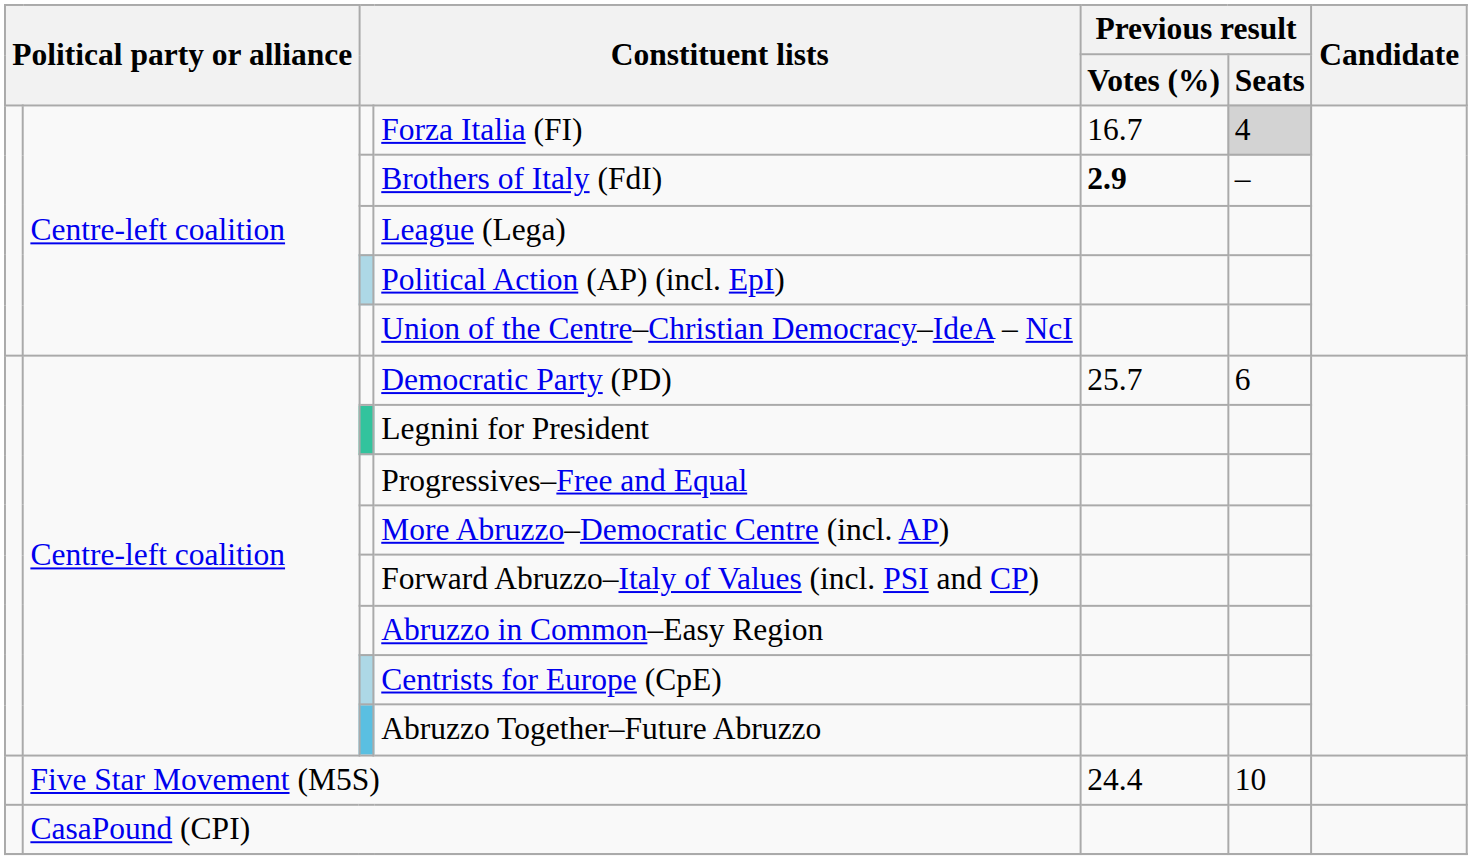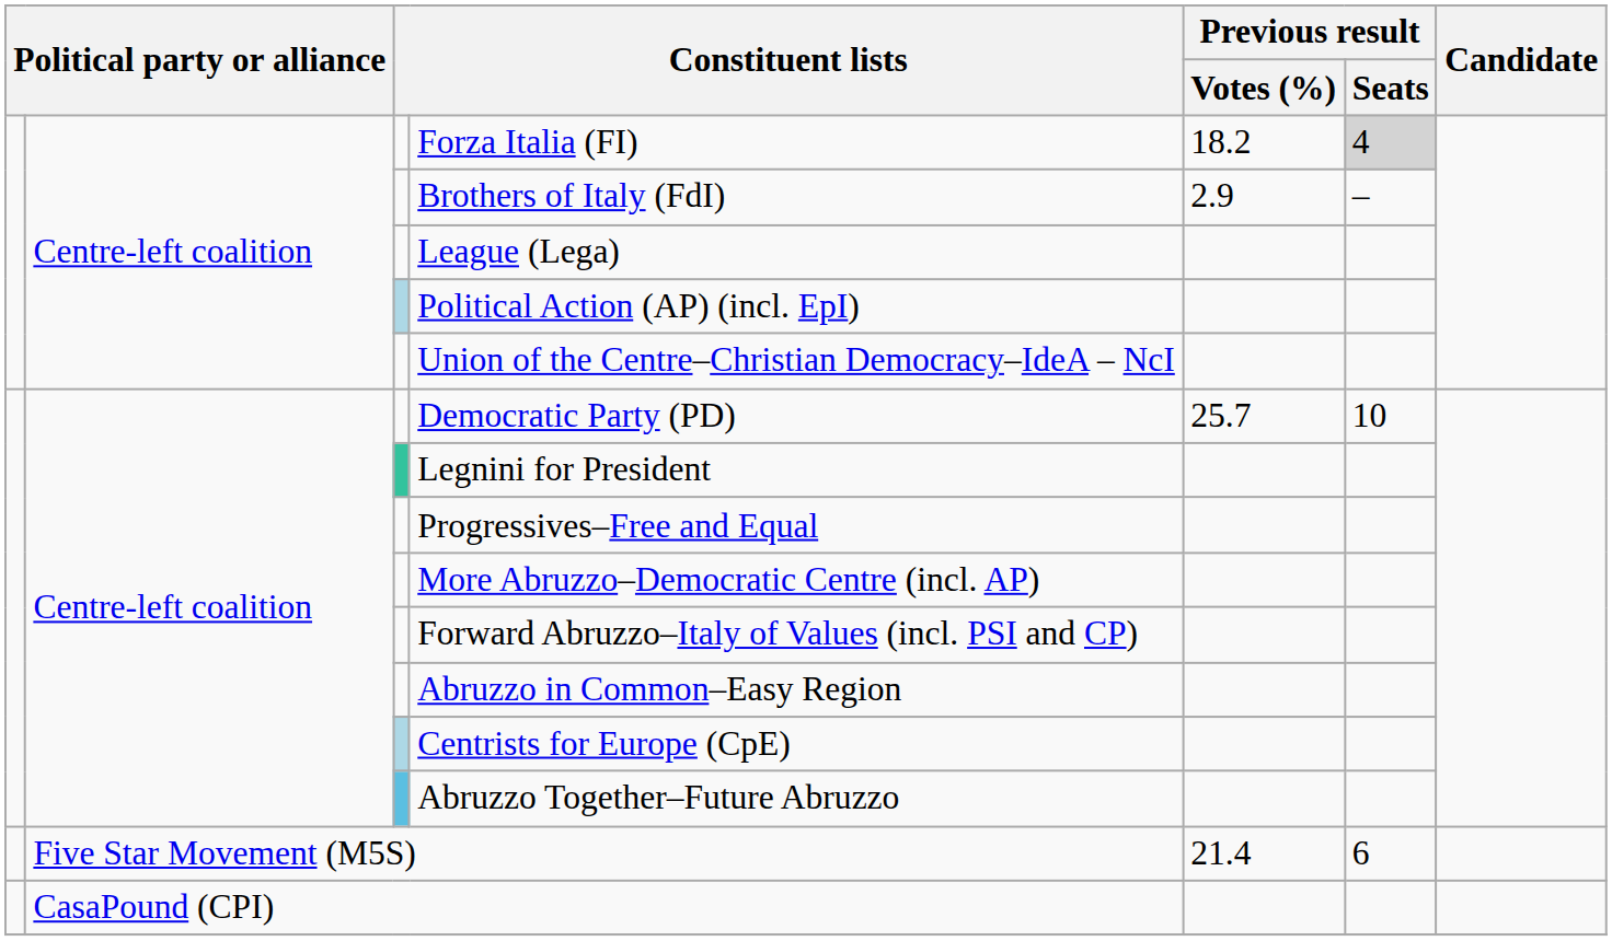 <table class="wikitable" style="text-align:left">
 <tr>
 <th colspan=2 rowspan="2">Political party or alliance</th>
 <th colspan=2 rowspan="2">Constituent lists</th>
 <th colspan="2">Previous result</th>
 <th colspan="2" rowspan="2">Candidate</th>
 </tr>
 <tr>
 <th>Votes (%)</th>
 <th>Seats</th>
 </tr>
 <tr>
 <td rowspan="5" style="background:"></td>
 <td rowspan=5><a href='#'>Centre-left coalition</a></td>
 <td></td>
 <td style="text-align:left;"><a href='#'>Forza Italia</a> (FI)</td>
-<td>16.7</td>
+<td>18.2</td>
 <td style="background: lightgrey;">4</td>
 <td rowspan="5"></td>
 </tr>
 <tr>
 <td></td>
 <td style="text-align:left;"><a href='#'>Brothers of Italy</a> (FdI)</td>
-<td><strong>2.9</strong></td>
+<td>2.9</td>
 <td>–</td>
 </tr>
 <tr>
 <td></td>
 <td><a href='#'>League</a> (Lega)</td>
 <td></td>
 <td></td>
 </tr>
 <tr>
 <td bgcolor="lightblue"></td>
 <td style="text-align:left;"><a href='#'>Political Action</a> (AP) (incl. <a href='#'>EpI</a>)</td>
 <td></td>
 <td></td>
 </tr>
 <tr>
 <td></td>
 <td><a href='#'>Union of the Centre</a>–<a href='#'>Christian Democracy</a>–<a href='#'>IdeA</a> – <a href='#'>NcI</a></td>
 <td></td>
 <td></td>
 </tr>
 <tr>
 <td rowspan="8"></td>
 <td rowspan=8><a href='#'>Centre-left coalition</a></td>
 <td></td>
 <td style="text-align:left;"><a href='#'>Democratic Party</a> (PD)</td>
 <td>25.7</td>
-<td>6</td>
+<td>10</td>
 <td rowspan="8"></td>
 </tr>
 <tr>
 <td bgcolor="#32C39D"></td>
 <td style="text-align:left;">Legnini for President</td>
 <td></td>
 <td></td>
 </tr>
 <tr>
 <td></td>
 <td style="text-align:left;">Progressives–<a href='#'>Free and Equal</a></td>
 <td></td>
 <td></td>
 </tr>
 <tr>
 <td style="background-color:"></td>
 <td><a href='#'>More Abruzzo</a>–<a href='#'>Democratic Centre</a> (incl. <a href='#'>AP</a>)</td>
 <td></td>
 <td></td>
 </tr>
 <tr>
 <td style="background-color:"></td>
 <td>Forward Abruzzo–<a href='#'>Italy of Values</a> (incl. <a href='#'>PSI</a> and <a href='#'>CP</a>)</td>
 <td></td>
 <td></td>
 </tr>
 <tr>
 <td style="background-color:"></td>
 <td><a href='#'>Abruzzo in Common</a>–Easy Region</td>
 <td></td>
 <td></td>
 </tr>
 <tr>
 <td style="background-color:lightblue"></td>
 <td><a href='#'>Centrists for Europe</a> (CpE)</td>
 <td></td>
 <td></td>
 </tr>
 <tr>
 <td style="background-color:#5ABFE1"></td>
 <td>Abruzzo Together–Future Abruzzo</td>
 <td></td>
 <td></td>
 </tr>
 <tr>
 <td style="background-color:"></td>
 <td colspan="3"><a href='#'>Five Star Movement</a> (M5S)</td>
-<td>24.4</td>
-<td>10</td>
+<td>21.4</td>
+<td>6</td>
 <td></td>
 </tr>
 <tr>
 <td style="background-color:"></td>
 <td colspan="3"><a href='#'>CasaPound</a> (CPI)</td>
 <td></td>
 <td></td>
 <td></td>
 </tr>
 <tr>
 </tr>
 </table>
